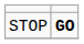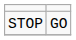 <table class="wikitable">
 <tr align="center">
 <td></td>
 <td></td>
 </tr>
 <tr>
 <td>STOP</td>
-<td><strong>GO</strong></td>
+<td>GO</td>
 </tr>
 <tr>
 </tr>
 </table>
